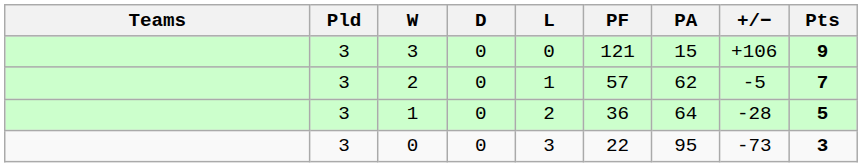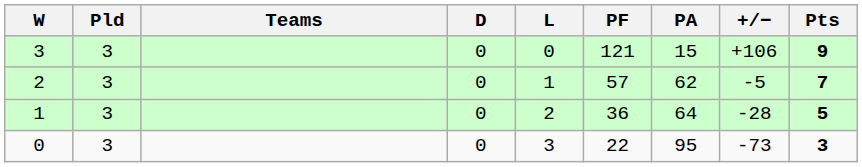 <table class="wikitable" style="text-align: center;">
 <tr>
+<th width="40">W</th>
+<th width="40">Pld</th>
 <th width="200">Teams</th>
-<th width="40">Pld</th>
-<th width="40">W</th>
 <th width="40">D</th>
 <th width="40">L</th>
 <th width="40">PF</th>
 <th width="40">PA</th>
 <th width="40">+/−</th>
 <th width="40">Pts</th>
 </tr>
 <tr bgcolor=#ccffcc>
-<td align=left></td>
 <td>3</td>
 <td>3</td>
+<td align=left></td>
 <td>0</td>
 <td>0</td>
 <td>121</td>
 <td>15</td>
 <td>+106</td>
 <td><strong>9</strong></td>
 </tr>
 <tr bgcolor=#ccffcc>
+<td>2</td>
+<td>3</td>
 <td align=left></td>
-<td>3</td>
-<td>2</td>
 <td>0</td>
 <td>1</td>
 <td>57</td>
 <td>62</td>
 <td>-5</td>
 <td><strong>7</strong></td>
 </tr>
 <tr bgcolor=#ccffcc>
+<td>1</td>
+<td>3</td>
 <td align=left></td>
-<td>3</td>
-<td>1</td>
 <td>0</td>
 <td>2</td>
 <td>36</td>
 <td>64</td>
 <td>-28</td>
 <td><strong>5</strong></td>
 </tr>
 <tr>
+<td>0</td>
+<td>3</td>
 <td align=left></td>
-<td>3</td>
-<td>0</td>
 <td>0</td>
 <td>3</td>
 <td>22</td>
 <td>95</td>
 <td>-73</td>
 <td><strong>3</strong></td>
 </tr>
 </table>
